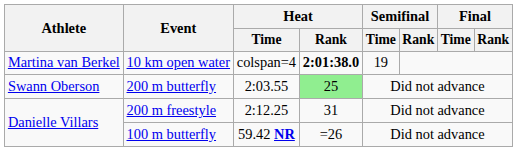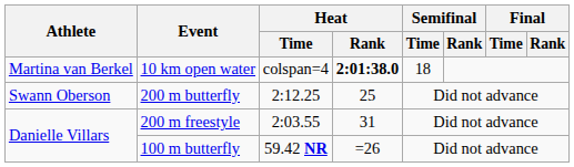 <table class=wikitable style="font-size:90%">
 <tr>
 <th rowspan="2">Athlete</th>
 <th rowspan="2">Event</th>
 <th colspan="2">Heat</th>
 <th colspan="2">Semifinal</th>
 <th colspan="2">Final</th>
 </tr>
 <tr style="font-size:95%">
 <th>Time</th>
 <th>Rank</th>
 <th>Time</th>
 <th>Rank</th>
 <th>Time</th>
 <th>Rank</th>
 </tr>
 <tr align=center>
 <td align=left><a href='#'>Martina van Berkel</a></td>
 <td align=left><a href='#'>10 km open water</a></td>
 <td>colspan=4 </td>
 <td><strong>2:01:38.0</strong></td>
-<td>19</td>
+<td>18</td>
 </tr>
 <tr align=center>
 <td align=left><a href='#'>Swann Oberson</a></td>
 <td align=left><a href='#'>200 m butterfly</a></td>
-<td>2:03.55</td>
-<td style="background: lightgreen;">25</td>
+<td>2:12.25</td>
+<td>25</td>
 <td colspan=4>Did not advance</td>
 </tr>
 <tr align=center>
 <td align=left rowspan=2><a href='#'>Danielle Villars</a></td>
 <td align=left><a href='#'>200 m freestyle</a></td>
-<td>2:12.25</td>
+<td>2:03.55</td>
 <td>31</td>
 <td colspan=4>Did not advance</td>
 </tr>
 <tr align=center>
 <td align=left><a href='#'>100 m butterfly</a></td>
 <td>59.42 <strong><a href='#'>NR</a></strong></td>
 <td>=26</td>
 <td colspan=4>Did not advance</td>
 </tr>
 </table>
